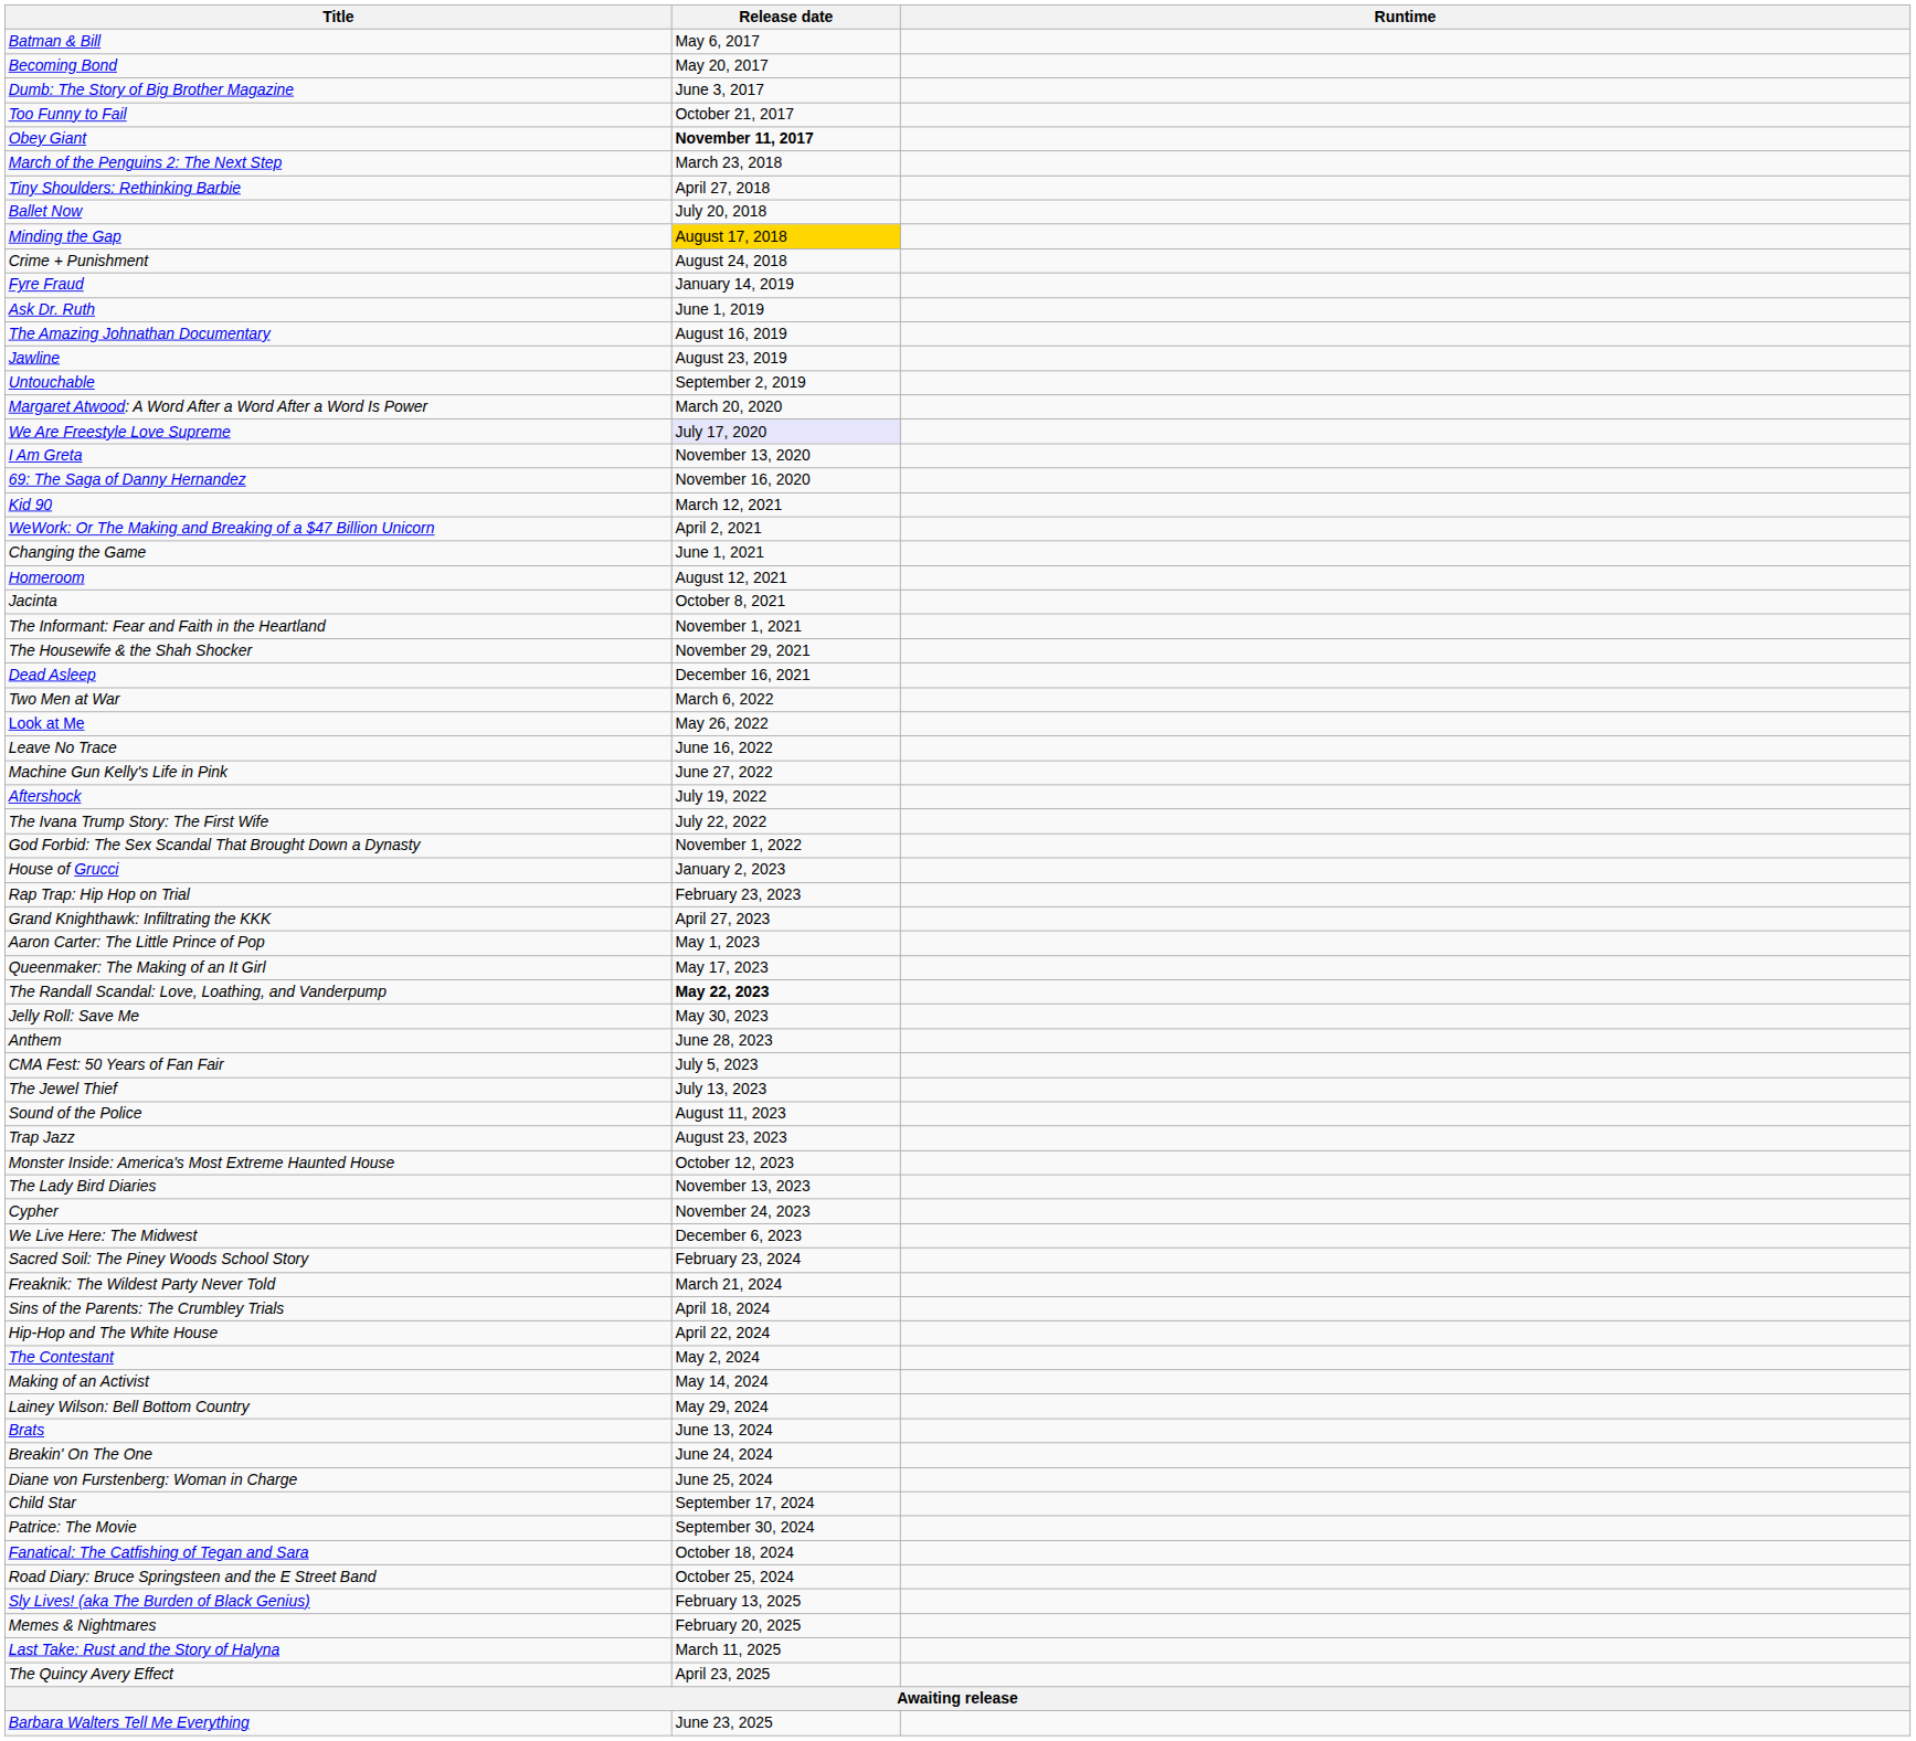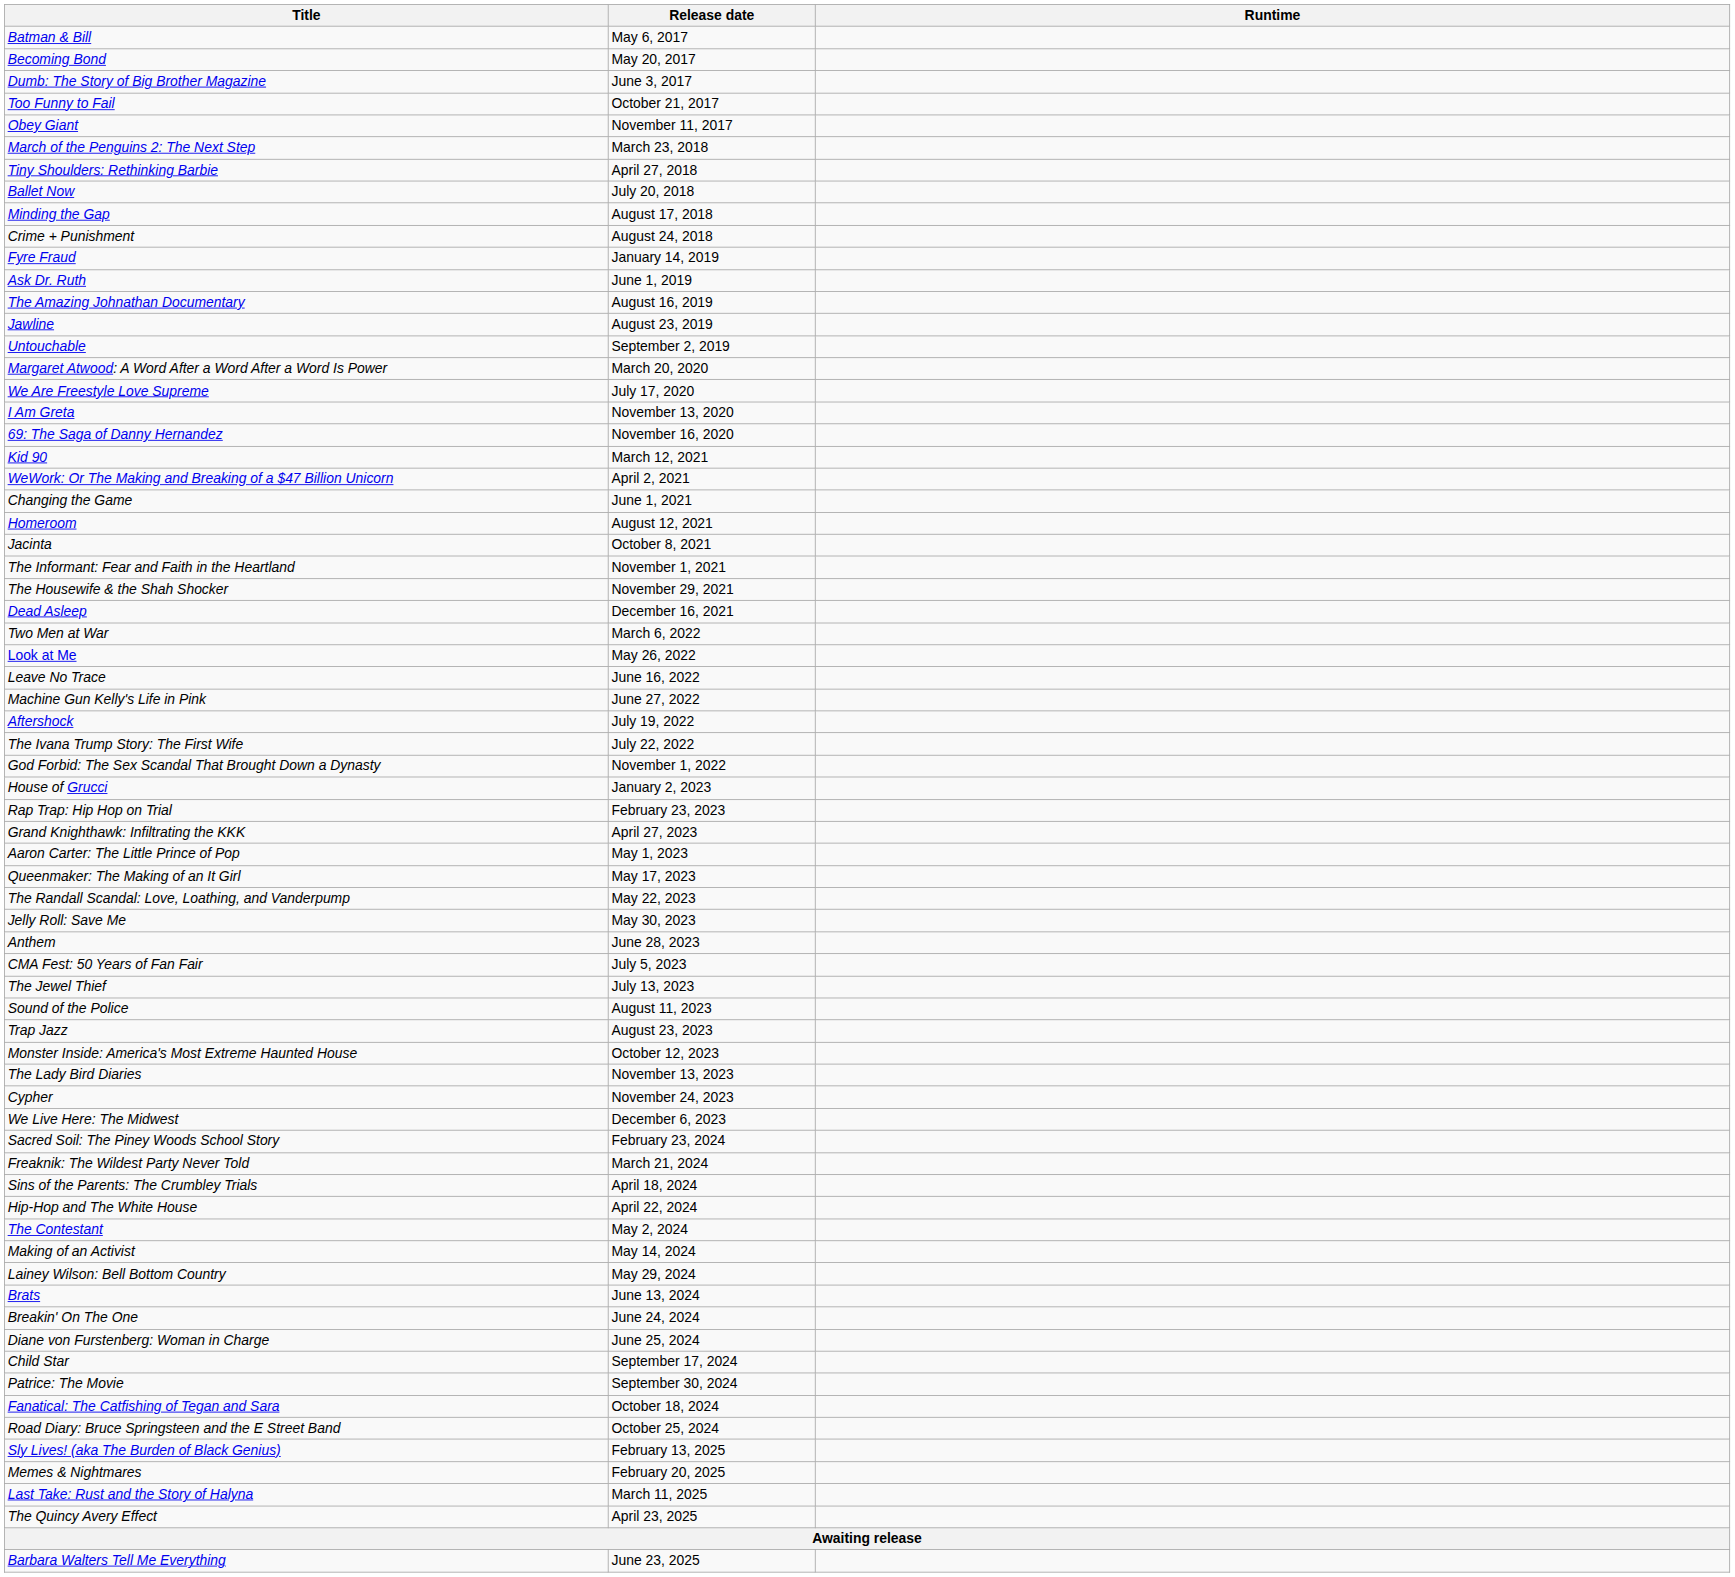 <table class="wikitable sortable" style="width:100%;">
 <tr>
 <th style="width:35%;">Title</th>
 <th scope="col" style="width:12%;">Release date</th>
 <th>Runtime</th>
 </tr>
 <tr>
 <td><em><a href='#'>Batman & Bill</a></em></td>
 <td>May 6, 2017</td>
 <td></td>
 </tr>
 <tr>
 <td><em><a href='#'>Becoming Bond</a></em></td>
 <td>May 20, 2017</td>
 <td></td>
 </tr>
 <tr>
 <td><em><a href='#'>Dumb: The Story of Big Brother Magazine</a></em></td>
 <td>June 3, 2017</td>
 <td></td>
 </tr>
 <tr>
 <td><em><a href='#'>Too Funny to Fail</a></em></td>
 <td>October 21, 2017</td>
 <td></td>
 </tr>
 <tr>
 <td><em><a href='#'>Obey Giant</a></em></td>
-<td><strong>November 11, 2017</strong></td>
+<td>November 11, 2017</td>
 <td></td>
 </tr>
 <tr>
 <td><em><a href='#'>March of the Penguins 2: The Next Step</a></em></td>
 <td>March 23, 2018</td>
 <td></td>
 </tr>
 <tr>
 <td><em><a href='#'>Tiny Shoulders: Rethinking Barbie</a></em></td>
 <td>April 27, 2018</td>
 <td></td>
 </tr>
 <tr>
 <td><em><a href='#'>Ballet Now</a></em></td>
 <td>July 20, 2018</td>
 <td></td>
 </tr>
 <tr>
 <td><em><a href='#'>Minding the Gap</a></em></td>
-<td style="background: gold;">August 17, 2018</td>
+<td>August 17, 2018</td>
 <td></td>
 </tr>
 <tr>
 <td><em>Crime + Punishment</em></td>
 <td>August 24, 2018</td>
 <td></td>
 </tr>
 <tr>
 <td><em><a href='#'>Fyre Fraud</a></em></td>
 <td>January 14, 2019</td>
 <td></td>
 </tr>
 <tr>
 <td><em><a href='#'>Ask Dr. Ruth</a></em></td>
 <td>June 1, 2019</td>
 <td></td>
 </tr>
 <tr>
 <td><em><a href='#'>The Amazing Johnathan Documentary</a></em></td>
 <td>August 16, 2019</td>
 <td></td>
 </tr>
 <tr>
 <td><em><a href='#'>Jawline</a></em></td>
 <td>August 23, 2019</td>
 <td></td>
 </tr>
 <tr>
 <td><em><a href='#'>Untouchable</a></em></td>
 <td>September 2, 2019</td>
 <td></td>
 </tr>
 <tr>
 <td><em><a href='#'>Margaret Atwood</a>: A Word After a Word After a Word Is Power</em></td>
 <td>March 20, 2020</td>
 <td></td>
 </tr>
 <tr>
 <td><em><a href='#'>We Are Freestyle Love Supreme</a></em></td>
-<td style="background: lavender;">July 17, 2020</td>
+<td>July 17, 2020</td>
 <td></td>
 </tr>
 <tr>
 <td><em><a href='#'>I Am Greta</a></em></td>
 <td>November 13, 2020</td>
 <td></td>
 </tr>
 <tr>
 <td><em><a href='#'>69: The Saga of Danny Hernandez</a></em></td>
 <td>November 16, 2020</td>
 <td></td>
 </tr>
 <tr>
 <td><em><a href='#'>Kid 90</a></em></td>
 <td>March 12, 2021</td>
 <td></td>
 </tr>
 <tr>
 <td><em><a href='#'>WeWork: Or The Making and Breaking of a $47 Billion Unicorn</a></em></td>
 <td>April 2, 2021</td>
 <td></td>
 </tr>
 <tr>
 <td><em>Changing the Game</em></td>
 <td>June 1, 2021</td>
 <td></td>
 </tr>
 <tr>
 <td><em><a href='#'>Homeroom</a></em></td>
 <td>August 12, 2021</td>
 <td></td>
 </tr>
 <tr>
 <td><em>Jacinta</em></td>
 <td>October 8, 2021</td>
 <td></td>
 </tr>
 <tr>
 <td><em>The Informant: Fear and Faith in the Heartland</em></td>
 <td>November 1, 2021</td>
 <td></td>
 </tr>
 <tr>
 <td><em>The Housewife & the Shah Shocker</em></td>
 <td>November 29, 2021</td>
 <td></td>
 </tr>
 <tr>
 <td><em><a href='#'>Dead Asleep</a></em></td>
 <td>December 16, 2021</td>
 <td></td>
 </tr>
 <tr>
 <td><em>Two Men at War</em></td>
 <td>March 6, 2022</td>
 <td></td>
 </tr>
 <tr>
 <td><em><a href='#'></em>Look at Me<em></a></em></td>
 <td>May 26, 2022</td>
 <td></td>
 </tr>
 <tr>
 <td><em>Leave No Trace</em></td>
 <td>June 16, 2022</td>
 <td></td>
 </tr>
 <tr>
 <td><em>Machine Gun Kelly's Life in Pink</em></td>
 <td>June 27, 2022</td>
 <td></td>
 </tr>
 <tr>
 <td><em><a href='#'>Aftershock</a></em></td>
 <td>July 19, 2022</td>
 <td></td>
 </tr>
 <tr>
 <td><em>The Ivana Trump Story: The First Wife</em></td>
 <td>July 22, 2022</td>
 <td></td>
 </tr>
 <tr>
 <td><em>God Forbid: The Sex Scandal That Brought Down a Dynasty</em></td>
 <td>November 1, 2022</td>
 <td></td>
 </tr>
 <tr>
 <td><em>House of <a href='#'>Grucci</a></em></td>
 <td>January 2, 2023</td>
 <td></td>
 </tr>
 <tr>
 <td><em>Rap Trap: Hip Hop on Trial</em></td>
 <td>February 23, 2023</td>
 <td></td>
 </tr>
 <tr>
 <td><em>Grand Knighthawk: Infiltrating the KKK</em></td>
 <td>April 27, 2023</td>
 <td></td>
 </tr>
 <tr>
 <td><em>Aaron Carter: The Little Prince of Pop</em></td>
 <td>May 1, 2023</td>
 <td></td>
 </tr>
 <tr>
 <td><em>Queenmaker: The Making of an It Girl</em></td>
 <td>May 17, 2023</td>
 <td></td>
 </tr>
 <tr>
 <td><em>The Randall Scandal: Love, Loathing, and Vanderpump</em></td>
-<td><strong>May 22, 2023</strong></td>
+<td>May 22, 2023</td>
 <td></td>
 </tr>
 <tr>
 <td><em>Jelly Roll: Save Me</em></td>
 <td>May 30, 2023</td>
 <td></td>
 </tr>
 <tr>
 <td><em>Anthem</em></td>
 <td>June 28, 2023</td>
 <td></td>
 </tr>
 <tr>
 <td><em>CMA Fest: 50 Years of Fan Fair</em></td>
 <td>July 5, 2023</td>
 <td></td>
 </tr>
 <tr>
 <td><em>The Jewel Thief</em></td>
 <td>July 13, 2023</td>
 <td></td>
 </tr>
 <tr>
 <td><em>Sound of the Police</em></td>
 <td>August 11, 2023</td>
 <td></td>
 </tr>
 <tr>
 <td><em>Trap Jazz</em></td>
 <td>August 23, 2023</td>
 <td></td>
 </tr>
 <tr>
 <td><em>Monster Inside: America's Most Extreme Haunted House</em></td>
 <td>October 12, 2023</td>
 <td></td>
 </tr>
 <tr>
 <td><em>The Lady Bird Diaries</em></td>
 <td>November 13, 2023</td>
 <td></td>
 </tr>
 <tr>
 <td><em>Cypher</em></td>
 <td>November 24, 2023</td>
 <td></td>
 </tr>
 <tr>
 <td><em>We Live Here: The Midwest</em></td>
 <td>December 6, 2023</td>
 <td></td>
 </tr>
 <tr>
 <td><em>Sacred Soil: The Piney Woods School Story</em></td>
 <td>February 23, 2024</td>
 <td></td>
 </tr>
 <tr>
 <td><em>Freaknik: The Wildest Party Never Told</em></td>
 <td>March 21, 2024</td>
 <td></td>
 </tr>
 <tr>
 <td><em>Sins of the Parents: The Crumbley Trials</em></td>
 <td>April 18, 2024</td>
 <td></td>
 </tr>
 <tr>
 <td><em>Hip-Hop and The White House</em></td>
 <td>April 22, 2024</td>
 <td></td>
 </tr>
 <tr>
 <td><em><a href='#'>The Contestant</a></em></td>
 <td>May 2, 2024</td>
 <td></td>
 </tr>
 <tr>
 <td><em>Making of an Activist</em></td>
 <td>May 14, 2024</td>
 <td></td>
 </tr>
 <tr>
 <td><em>Lainey Wilson: Bell Bottom Country</em></td>
 <td>May 29, 2024</td>
 <td></td>
 </tr>
 <tr>
 <td><em><a href='#'>Brats</a></em></td>
 <td>June 13, 2024</td>
 <td></td>
 </tr>
 <tr>
 <td><em>Breakin' On The One</em></td>
 <td>June 24, 2024</td>
 <td></td>
 </tr>
 <tr>
 <td><em>Diane von Furstenberg: Woman in Charge</em></td>
 <td>June 25, 2024</td>
 <td></td>
 </tr>
 <tr>
 <td><em>Child Star</em></td>
 <td>September 17, 2024</td>
 <td></td>
 </tr>
 <tr>
 <td><em>Patrice: The Movie</em></td>
 <td>September 30, 2024</td>
 <td></td>
 </tr>
 <tr>
 <td><em><a href='#'>Fanatical: The Catfishing of Tegan and Sara</a></em></td>
 <td>October 18, 2024</td>
 <td></td>
 </tr>
 <tr>
 <td><em>Road Diary: Bruce Springsteen and the E Street Band</em></td>
 <td>October 25, 2024</td>
 <td></td>
 </tr>
 <tr>
 <td><em><a href='#'>Sly Lives! (aka The Burden of Black Genius)</a></em></td>
 <td>February 13, 2025</td>
 <td></td>
 </tr>
 <tr>
 <td><em>Memes & Nightmares</em></td>
 <td>February 20, 2025</td>
 <td></td>
 </tr>
 <tr>
 <td><em><a href='#'>Last Take: Rust and the Story of Halyna</a></em></td>
 <td>March 11, 2025</td>
 <td></td>
 </tr>
 <tr>
 <td><em>The Quincy Avery Effect</em></td>
 <td>April 23, 2025</td>
 <td></td>
 </tr>
 <tr>
 <th colspan="4" data-sort-value="zzz">Awaiting release</th>
 </tr>
 <tr>
 <td><em><a href='#'>Barbara Walters Tell Me Everything</a></em></td>
 <td>June 23, 2025</td>
 <td></td>
 </tr>
 </table>
